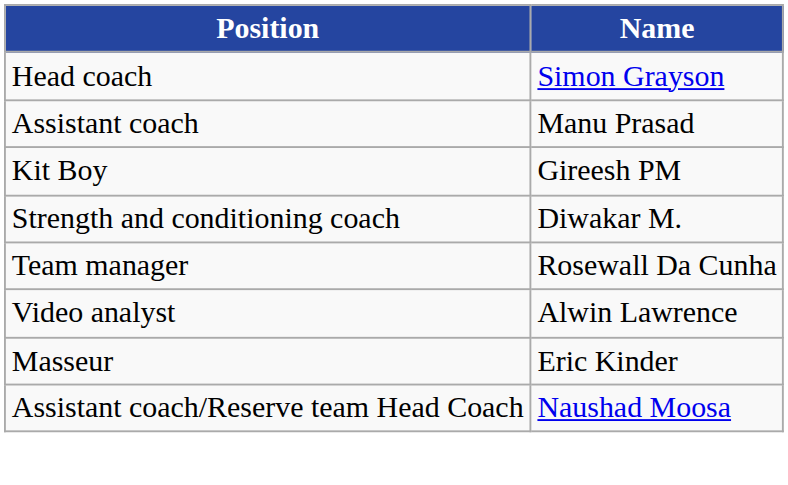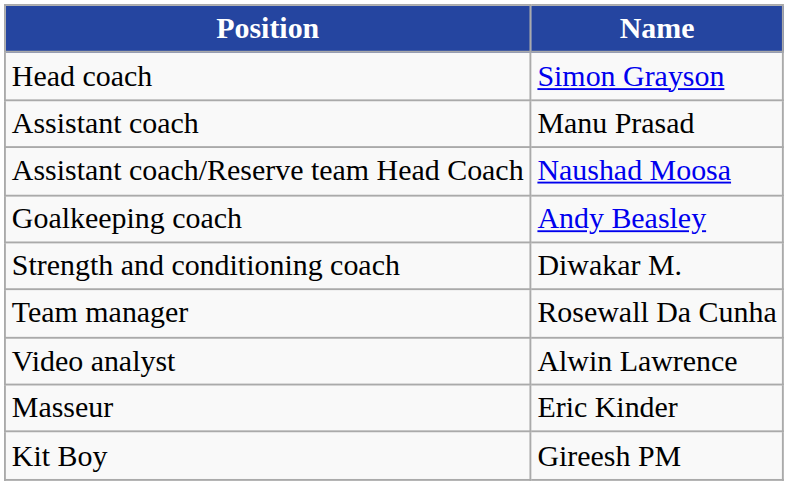 <table class="wikitable">
 <tr>
 <th style="background:#2545A0; color:#FFFFFF; ">Position</th>
 <th style="background:#2545A0; color:#FFFFFF; ">Name</th>
 </tr>
 <tr>
 <td>Head coach</td>
 <td> <a href='#'>Simon Grayson</a></td>
 </tr>
 <tr>
 <td>Assistant coach</td>
 <td> Manu Prasad</td>
 </tr>
 <tr>
-<td>Kit Boy</td>
-<td> Gireesh PM</td>
+<td>Assistant coach/Reserve team Head Coach</td>
+<td> <a href='#'>Naushad Moosa</a></td>
+</tr>
+<tr>
+<td>Goalkeeping coach</td>
+<td> <a href='#'>Andy Beasley</a></td>
 </tr>
 <tr>
 <td>Strength and conditioning coach</td>
 <td> Diwakar M.</td>
 </tr>
 <tr>
 <td>Team manager</td>
 <td> Rosewall Da Cunha</td>
 </tr>
 <tr>
 <td>Video analyst</td>
 <td> Alwin Lawrence</td>
 </tr>
 <tr>
 <td>Masseur</td>
 <td> Eric Kinder</td>
 </tr>
 <tr>
-<td>Assistant coach/Reserve team Head Coach</td>
-<td> <a href='#'>Naushad Moosa</a></td>
+<td>Kit Boy</td>
+<td> Gireesh PM</td>
 </tr>
 </table>
